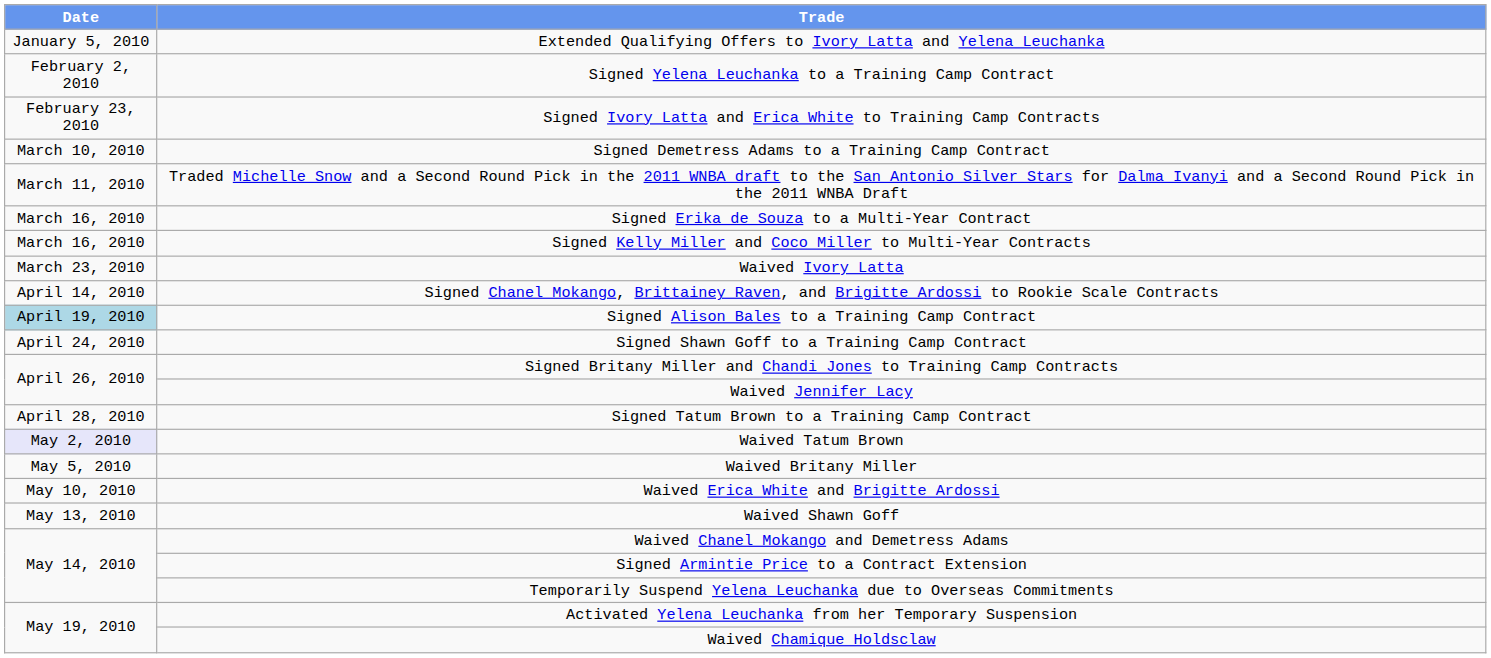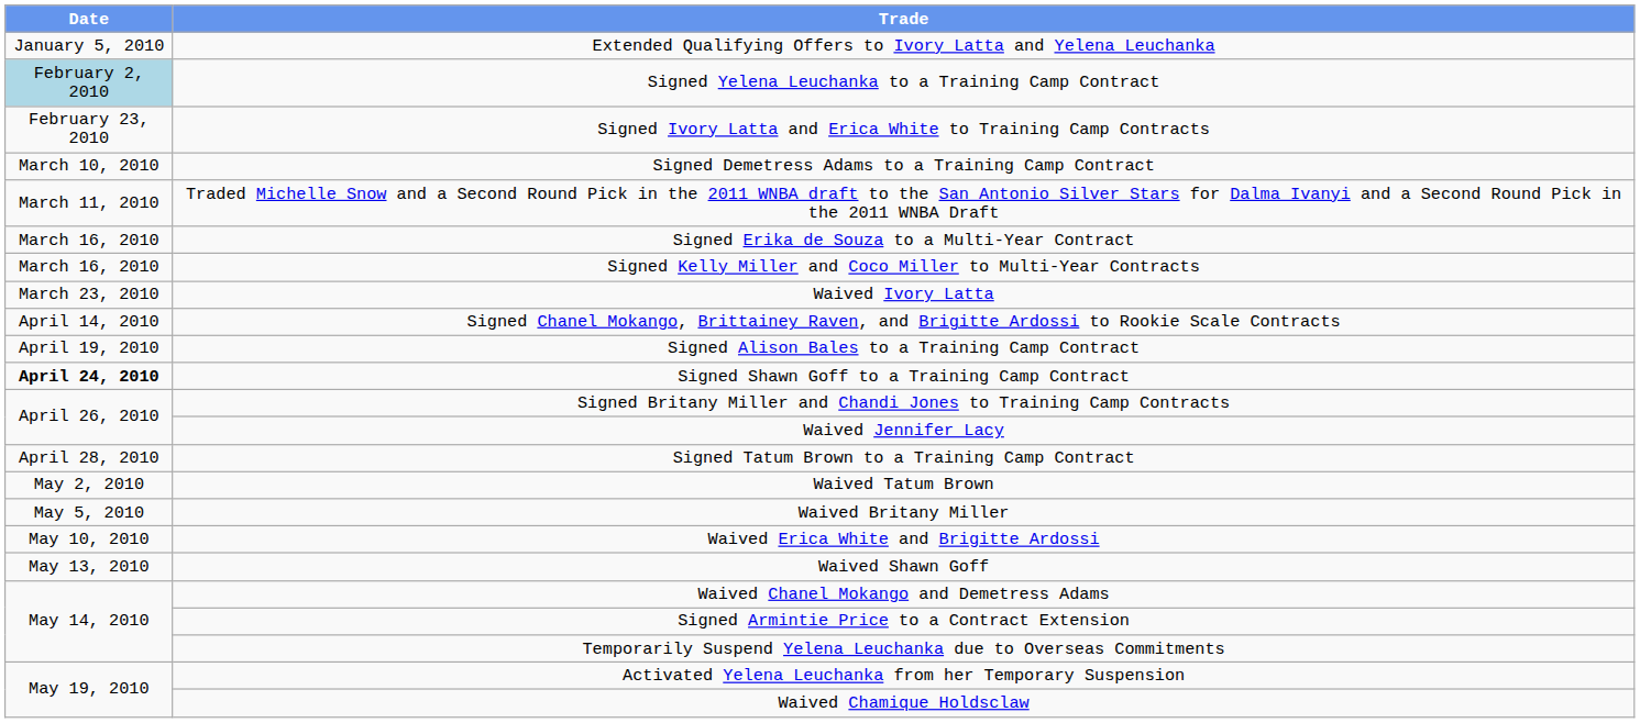 <table class="wikitable" style="width:80%; text-align:center;">
 <tr>
 <th style="background:#6495ED;color:white; width=75">Date</th>
 <th style="background:#6495ED;color:white;" colspan=2>Trade</th>
 </tr>
 <tr>
 <td>January 5, 2010</td>
 <td>Extended Qualifying Offers to <a href='#'>Ivory Latta</a> and <a href='#'>Yelena Leuchanka</a></td>
 </tr>
 <tr>
-<td>February 2, 2010</td>
+<td style="background: lightblue;">February 2, 2010</td>
 <td>Signed <a href='#'>Yelena Leuchanka</a> to a Training Camp Contract</td>
 </tr>
 <tr>
 <td>February 23, 2010</td>
 <td>Signed <a href='#'>Ivory Latta</a> and <a href='#'>Erica White</a> to Training Camp Contracts</td>
 </tr>
 <tr>
 <td>March 10, 2010</td>
 <td>Signed Demetress Adams to a Training Camp Contract</td>
 </tr>
 <tr>
 <td>March 11, 2010</td>
 <td>Traded <a href='#'>Michelle Snow</a> and a Second Round Pick in the <a href='#'>2011 WNBA draft</a> to the <a href='#'>San Antonio Silver Stars</a> for <a href='#'>Dalma Ivanyi</a> and a Second Round Pick in the 2011 WNBA Draft</td>
 </tr>
 <tr>
 <td>March 16, 2010</td>
 <td>Signed <a href='#'>Erika de Souza</a> to a Multi-Year Contract</td>
 </tr>
 <tr>
 <td>March 16, 2010</td>
 <td>Signed <a href='#'>Kelly Miller</a> and <a href='#'>Coco Miller</a> to Multi-Year Contracts</td>
 </tr>
 <tr>
 <td>March 23, 2010</td>
 <td>Waived <a href='#'>Ivory Latta</a></td>
 </tr>
 <tr>
 <td>April 14, 2010</td>
 <td>Signed <a href='#'>Chanel Mokango</a>, <a href='#'>Brittainey Raven</a>, and <a href='#'>Brigitte Ardossi</a> to Rookie Scale Contracts</td>
 </tr>
 <tr>
-<td style="background: lightblue;">April 19, 2010</td>
+<td>April 19, 2010</td>
 <td>Signed <a href='#'>Alison Bales</a> to a Training Camp Contract</td>
 </tr>
 <tr>
-<td>April 24, 2010</td>
+<td><strong>April 24, 2010</strong></td>
 <td>Signed Shawn Goff to a Training Camp Contract</td>
 </tr>
 <tr>
 <td rowspan=2>April 26, 2010</td>
 <td>Signed Britany Miller and <a href='#'>Chandi Jones</a> to Training Camp Contracts</td>
 </tr>
 <tr>
 <td>Waived <a href='#'>Jennifer Lacy</a></td>
 </tr>
 <tr>
 <td>April 28, 2010</td>
 <td>Signed Tatum Brown to a Training Camp Contract</td>
 </tr>
 <tr>
-<td style="background: lavender;">May 2, 2010</td>
+<td>May 2, 2010</td>
 <td>Waived Tatum Brown</td>
 </tr>
 <tr>
 <td>May 5, 2010</td>
 <td>Waived Britany Miller</td>
 </tr>
 <tr>
 <td>May 10, 2010</td>
 <td>Waived <a href='#'>Erica White</a> and <a href='#'>Brigitte Ardossi</a></td>
 </tr>
 <tr>
 <td>May 13, 2010</td>
 <td>Waived Shawn Goff</td>
 </tr>
 <tr>
 <td rowspan=3>May 14, 2010</td>
 <td>Waived <a href='#'>Chanel Mokango</a> and Demetress Adams</td>
 </tr>
 <tr>
 <td>Signed <a href='#'>Armintie Price</a> to a Contract Extension</td>
 </tr>
 <tr>
 <td>Temporarily Suspend <a href='#'>Yelena Leuchanka</a> due to Overseas Commitments</td>
 </tr>
 <tr>
 <td rowspan=2>May 19, 2010</td>
 <td>Activated <a href='#'>Yelena Leuchanka</a> from her Temporary Suspension</td>
 </tr>
 <tr>
 <td>Waived <a href='#'>Chamique Holdsclaw</a></td>
 </tr>
 </table>
